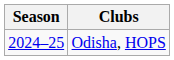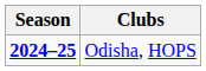 <table class="wikitable" style="text-align:left;">
 <tr>
 <th>Season</th>
 <th>Clubs</th>
 </tr>
 <tr>
-<td align="center"><a href='#'>2024–25</a></td>
+<td align="center"><strong><a href='#'>2024–25</a></strong></td>
 <td><a href='#'>Odisha</a>,  <a href='#'>HOPS</a></td>
 </tr>
 </table>
